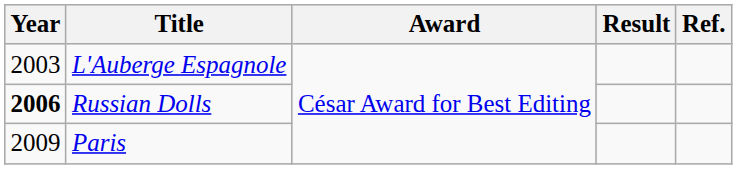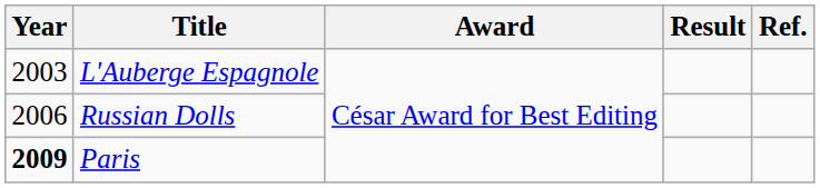 <table class="wikitable sortable">
 <tr>
 <th>Year</th>
 <th>Title</th>
 <th>Award</th>
 <th>Result</th>
 <th>Ref.</th>
 </tr>
 <tr>
 <td>2003</td>
 <td><em><a href='#'>L'Auberge Espagnole</a></em></td>
 <td rowspan=3><a href='#'>César Award for Best Editing</a></td>
 <td></td>
 <td></td>
 </tr>
 <tr>
-<td><strong>2006</strong></td>
+<td>2006</td>
 <td><em><a href='#'>Russian Dolls</a></em></td>
 <td></td>
 <td></td>
 </tr>
 <tr>
-<td>2009</td>
+<td><strong>2009</strong></td>
 <td><em><a href='#'>Paris</a></em></td>
 <td></td>
 <td></td>
 </tr>
 </table>
